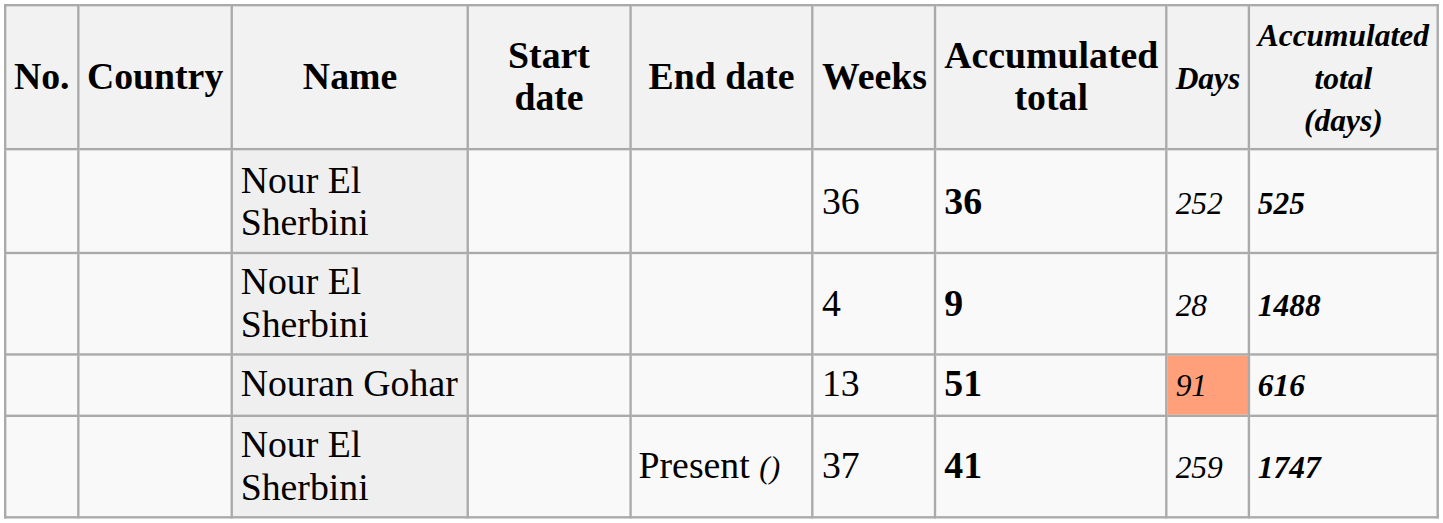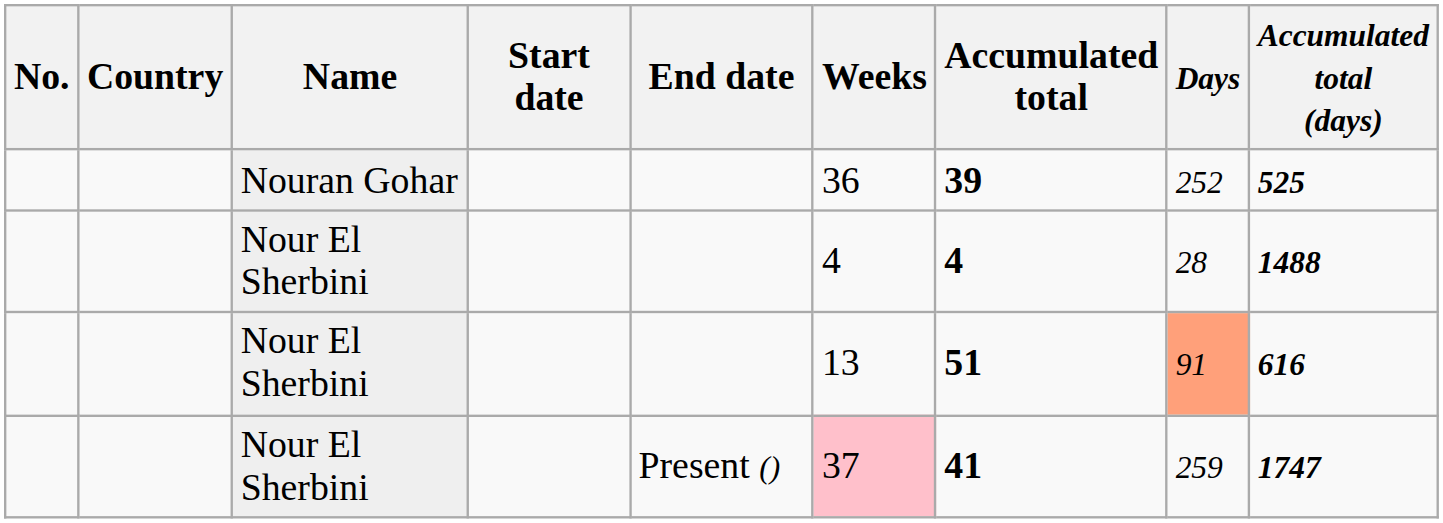 <table class="wikitable sortable">
 <tr>
 <th>No.</th>
 <th>Country</th>
 <th width=200>Name</th>
 <th width=135>Start date</th>
 <th width=135>End date</th>
 <th>Weeks</th>
 <th>Accumulated total</th>
 <th><em><small>Days</small></em></th>
 <th><em><small>Accumulated total<br>(days)</small></em></th>
 </tr>
 <tr>
 <td></td>
 <td></td>
-<td bgcolor=efefef>Nour El Sherbini </td>
+<td bgcolor=efefef>Nouran Gohar</td>
 <td></td>
 <td></td>
 <td>36</td>
-<td><strong>36</strong></td>
+<td><strong>39</strong></td>
 <td><em><small>252</small></em></td>
 <td><em><small><strong>525</strong></small></em></td>
 </tr>
 <tr>
 <td></td>
 <td></td>
 <td bgcolor=efefef>Nour El Sherbini </td>
 <td></td>
 <td></td>
 <td>4</td>
-<td><strong>9</strong></td>
+<td><strong>4</strong></td>
 <td><em><small>28</small></em></td>
 <td><em><small><strong>1488</strong></small></em></td>
 </tr>
 <tr>
 <td></td>
 <td></td>
-<td bgcolor=efefef>Nouran Gohar </td>
+<td bgcolor=efefef>Nour El Sherbini </td>
 <td></td>
 <td></td>
 <td>13</td>
 <td><strong>51</strong></td>
 <td style="background: lightsalmon;"><em><small>91</small></em></td>
 <td><em><small><strong>616</strong></small></em></td>
 </tr>
 <tr>
 <td></td>
 <td></td>
 <td bgcolor=efefef>Nour El Sherbini </td>
 <td></td>
 <td>Present <em><small>()</small></em></td>
-<td>37</td>
+<td style="background: pink;">37</td>
 <td><strong>41</strong></td>
 <td><em><small>259</small></em></td>
 <td><em><small><strong>1747</strong></small></em></td>
 </tr>
 </table>
